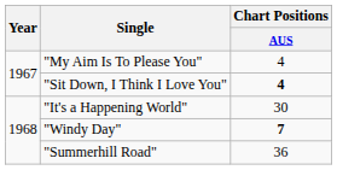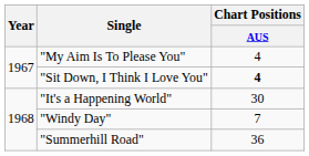 <table class="wikitable">
 <tr>
 <th rowspan="2">Year</th>
 <th rowspan="2">Single</th>
 <th colspan="1">Chart Positions</th>
 </tr>
 <tr>
 <th><small><a href='#'>AUS</a></small></th>
 </tr>
 <tr>
 <td rowspan="2">1967</td>
 <td>"My Aim Is To Please You"</td>
 <td align="center">4</td>
 </tr>
 <tr>
 <td>"Sit Down, I Think I Love You"</td>
 <td align="center"><strong>4</strong></td>
 </tr>
 <tr>
 <td rowspan="3">1968</td>
 <td>"It's a Happening World"</td>
 <td align="center">30</td>
 </tr>
 <tr>
 <td>"Windy Day"</td>
-<td align="center"><strong>7</strong></td>
+<td align="center">7</td>
 </tr>
 <tr>
 <td>"Summerhill Road"</td>
 <td align="center">36</td>
 </tr>
 </table>
